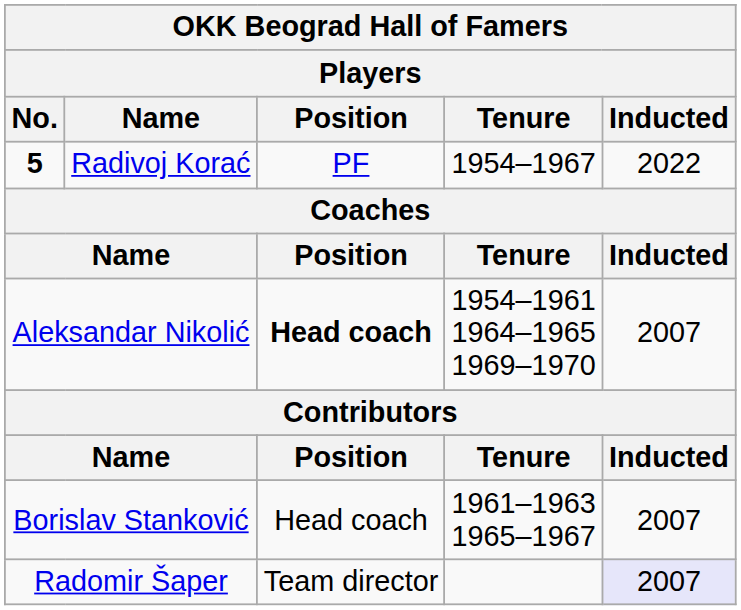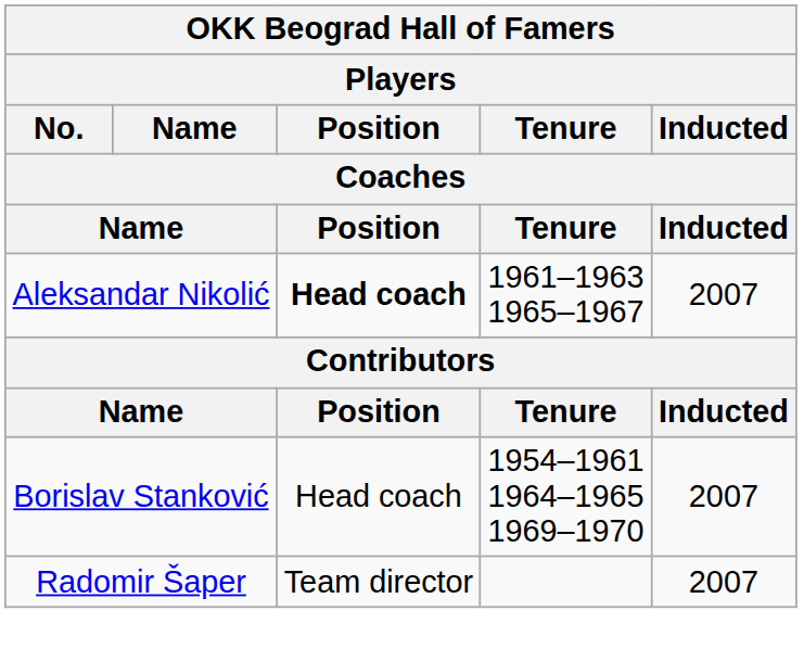 <table class="wikitable" style="text-align:center">
 <tr>
 <th colspan="5">OKK Beograd Hall of Famers</th>
 </tr>
 <tr>
 <th colspan="5">Players</th>
 </tr>
 <tr>
 <th>No.</th>
 <th>Name</th>
 <th>Position</th>
 <th>Tenure</th>
 <th>Inducted</th>
 </tr>
 <tr>
-<td><strong>5</strong></td>
-<td><a href='#'>Radivoj Korać</a></td>
-<td><a href='#'>PF</a></td>
-<td>1954–1967</td>
-<td>2022</td>
-</tr>
-<tr>
 <th colspan="5">Coaches</th>
 </tr>
 <tr>
 <th colspan=2>Name</th>
 <th>Position</th>
 <th>Tenure</th>
 <th>Inducted</th>
 </tr>
 <tr>
 <td colspan=2><a href='#'>Aleksandar Nikolić</a></td>
 <td><strong>Head coach</strong></td>
-<td>1954–1961<br>1964–1965<br>1969–1970</td>
+<td>1961–1963<br>1965–1967</td>
 <td>2007</td>
 </tr>
 <tr>
 <th colspan="5">Contributors</th>
 </tr>
 <tr>
 <th colspan=2>Name</th>
 <th>Position</th>
 <th>Tenure</th>
 <th>Inducted</th>
 </tr>
 <tr>
 <td colspan=2><a href='#'>Borislav Stanković</a></td>
 <td>Head coach</td>
-<td>1961–1963<br>1965–1967</td>
+<td>1954–1961<br>1964–1965<br>1969–1970</td>
 <td>2007</td>
 </tr>
 <tr>
 <td colspan=2><a href='#'>Radomir Šaper</a></td>
 <td>Team director</td>
 <td></td>
-<td style="background: lavender;">2007</td>
+<td>2007</td>
 </tr>
 </table>
